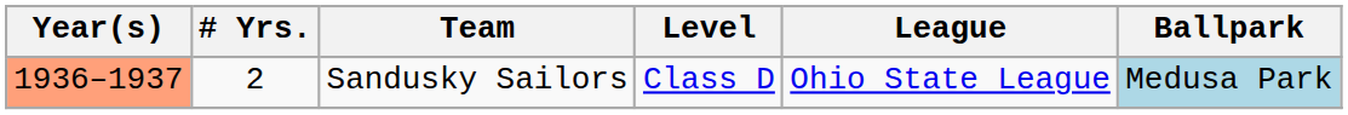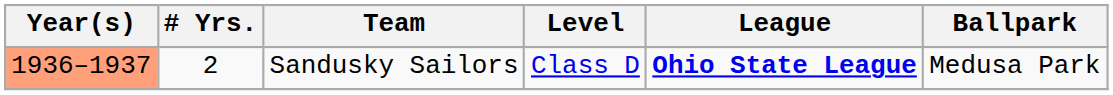 <table class="wikitable" style="text-align:center; font-size: 95%;">
 <tr>
 <th>Year(s)</th>
 <th># Yrs.</th>
 <th>Team</th>
 <th>Level</th>
 <th>League</th>
 <th>Ballpark</th>
 </tr>
 <tr>
 <td style="background: lightsalmon;">1936–1937</td>
 <td>2</td>
 <td>Sandusky Sailors</td>
 <td><a href='#'>Class D</a></td>
-<td><a href='#'>Ohio State League</a></td>
-<td style="background: lightblue;">Medusa Park</td>
+<td><strong><a href='#'>Ohio State League</a></strong></td>
+<td>Medusa Park</td>
 </tr>
 <tr>
 </tr>
 </table>
